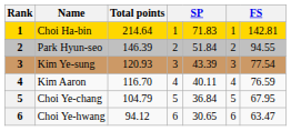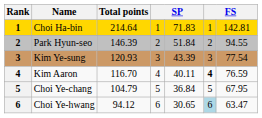 <table class="wikitable sortable">
 <tr>
 <th>Rank</th>
 <th>Name</th>
 <th>Total points</th>
 <th colspan="2" width="80px"><a href='#'>SP</a></th>
 <th colspan="2" width="80px"><a href='#'>FS</a></th>
 </tr>
 <tr bgcolor="gold">
 <td align="center"><strong>1</strong></td>
 <td>Choi Ha-bin</td>
 <td align="center">214.64</td>
 <td align="center">1</td>
 <td align="center">71.83</td>
 <td align="center">1</td>
 <td align="center">142.81</td>
 </tr>
 <tr bgcolor="silver">
 <td align="center"><strong>2</strong></td>
 <td>Park Hyun-seo</td>
 <td align="center">146.39</td>
 <td align="center">2</td>
 <td align="center">51.84</td>
 <td align="center">2</td>
 <td align="center">94.55</td>
 </tr>
 <tr bgcolor="cc9966">
 <td align="center"><strong>3</strong></td>
 <td>Kim Ye-sung</td>
 <td align="center">120.93</td>
 <td align="center">3</td>
 <td align="center">43.39</td>
 <td align="center">3</td>
 <td align="center">77.54</td>
 </tr>
 <tr>
 <th>4</th>
 <td>Kim Aaron</td>
 <td align="center">116.70</td>
 <td align="center">4</td>
 <td align="center">40.11</td>
-<td align="center">4</td>
+<td align="center"><strong>4</strong></td>
 <td align="center">76.59</td>
 </tr>
 <tr>
 <th>5</th>
 <td>Choi Ye-chang</td>
 <td align="center">104.79</td>
 <td align="center">5</td>
 <td align="center">36.84</td>
 <td align="center">5</td>
 <td align="center">67.95</td>
 </tr>
 <tr>
 <th>6</th>
 <td>Choi Ye-hwang</td>
 <td align="center">94.12</td>
 <td align="center">6</td>
 <td align="center">30.65</td>
-<td align="center">6</td>
+<td align="center" style="background: lightblue;">6</td>
 <td align="center">63.47</td>
 </tr>
 </table>
